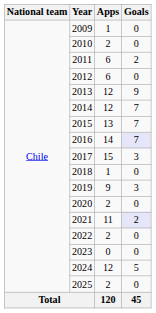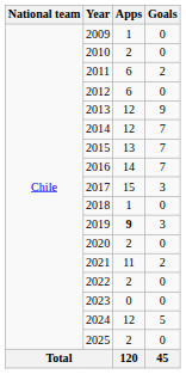 <table class="wikitable" style="text-align:center">
 <tr>
 <th>National team</th>
 <th>Year</th>
 <th>Apps</th>
 <th>Goals</th>
 </tr>
 <tr>
 <td rowspan="17"><a href='#'>Chile</a></td>
 <td>2009</td>
 <td>1</td>
 <td>0</td>
 </tr>
 <tr>
 <td>2010</td>
 <td>2</td>
 <td>0</td>
 </tr>
 <tr>
 <td>2011</td>
 <td>6</td>
 <td>2</td>
 </tr>
 <tr>
 <td>2012</td>
 <td>6</td>
 <td>0</td>
 </tr>
 <tr>
 <td>2013</td>
 <td>12</td>
 <td>9</td>
 </tr>
 <tr>
 <td>2014</td>
 <td>12</td>
 <td>7</td>
 </tr>
 <tr>
 <td>2015</td>
 <td>13</td>
 <td>7</td>
 </tr>
 <tr>
 <td>2016</td>
 <td>14</td>
-<td style="background: lavender;">7</td>
+<td>7</td>
 </tr>
 <tr>
 <td>2017</td>
 <td>15</td>
 <td>3</td>
 </tr>
 <tr>
 <td>2018</td>
 <td>1</td>
 <td>0</td>
 </tr>
 <tr>
 <td>2019</td>
-<td>9</td>
+<td><strong>9</strong></td>
 <td>3</td>
 </tr>
 <tr>
 <td>2020</td>
 <td>2</td>
 <td>0</td>
 </tr>
 <tr>
 <td>2021</td>
 <td>11</td>
-<td style="background: lavender;">2</td>
+<td>2</td>
 </tr>
 <tr>
 <td>2022</td>
 <td>2</td>
 <td>0</td>
 </tr>
 <tr>
 <td>2023</td>
 <td>0</td>
 <td>0</td>
 </tr>
 <tr>
 <td>2024</td>
 <td>12</td>
 <td>5</td>
 </tr>
 <tr>
 <td>2025</td>
 <td>2</td>
 <td>0</td>
 </tr>
 <tr>
 <th colspan="2">Total</th>
 <th>120</th>
 <th>45</th>
 </tr>
 </table>
